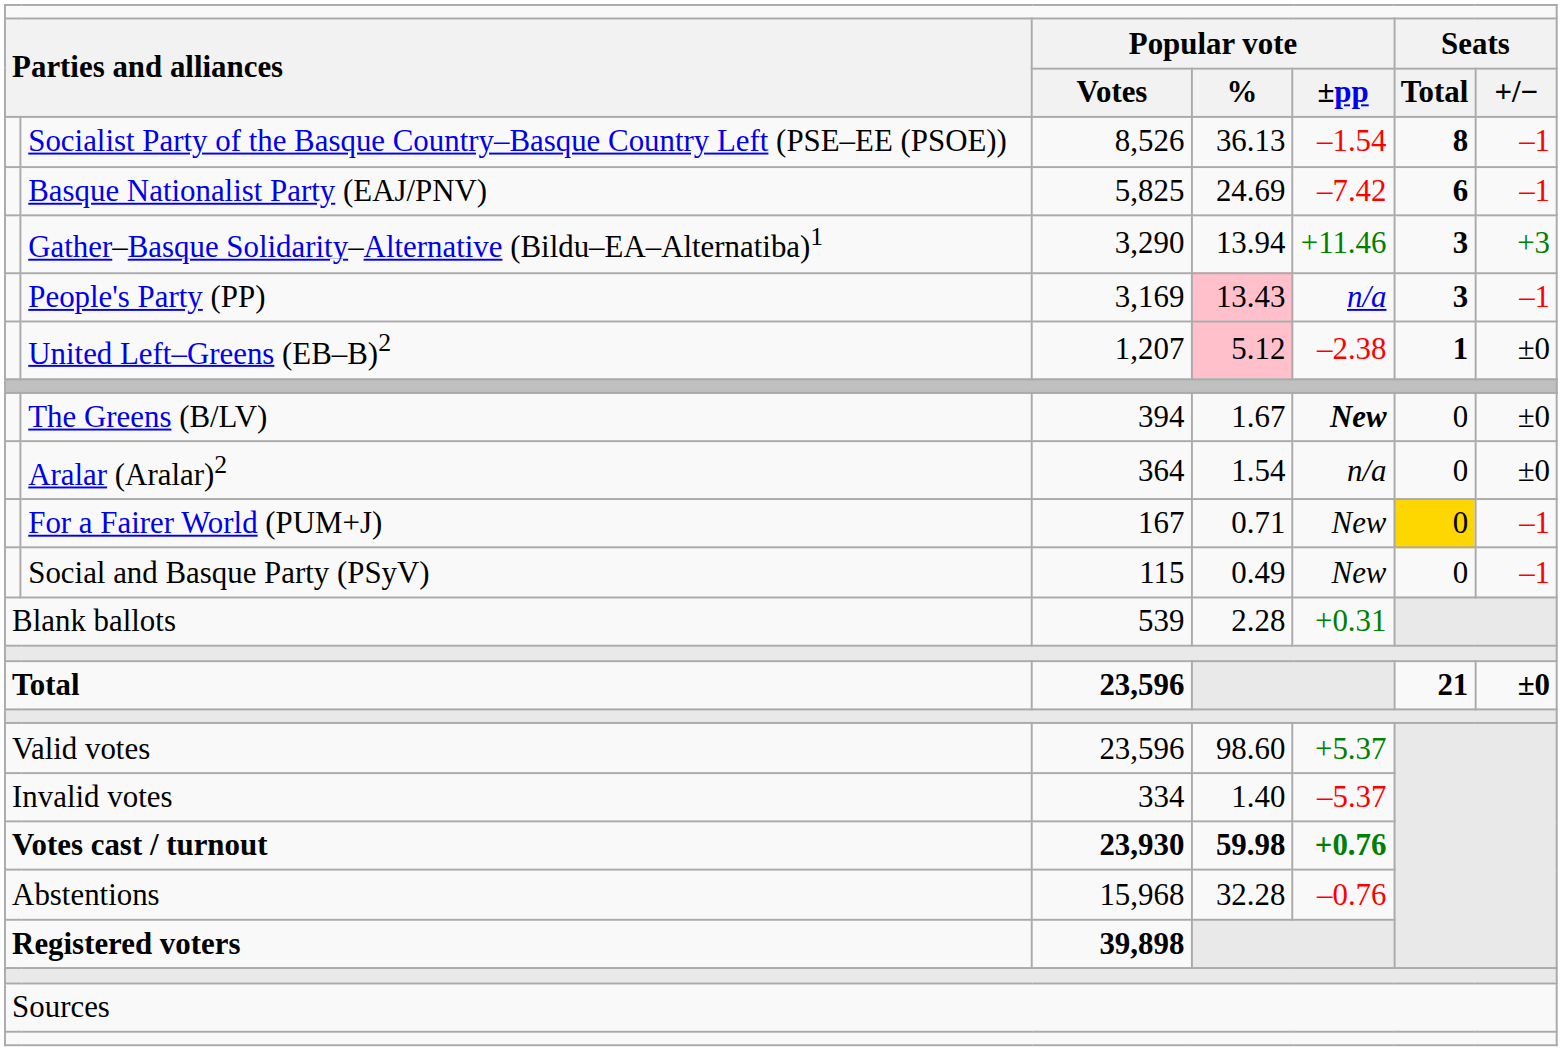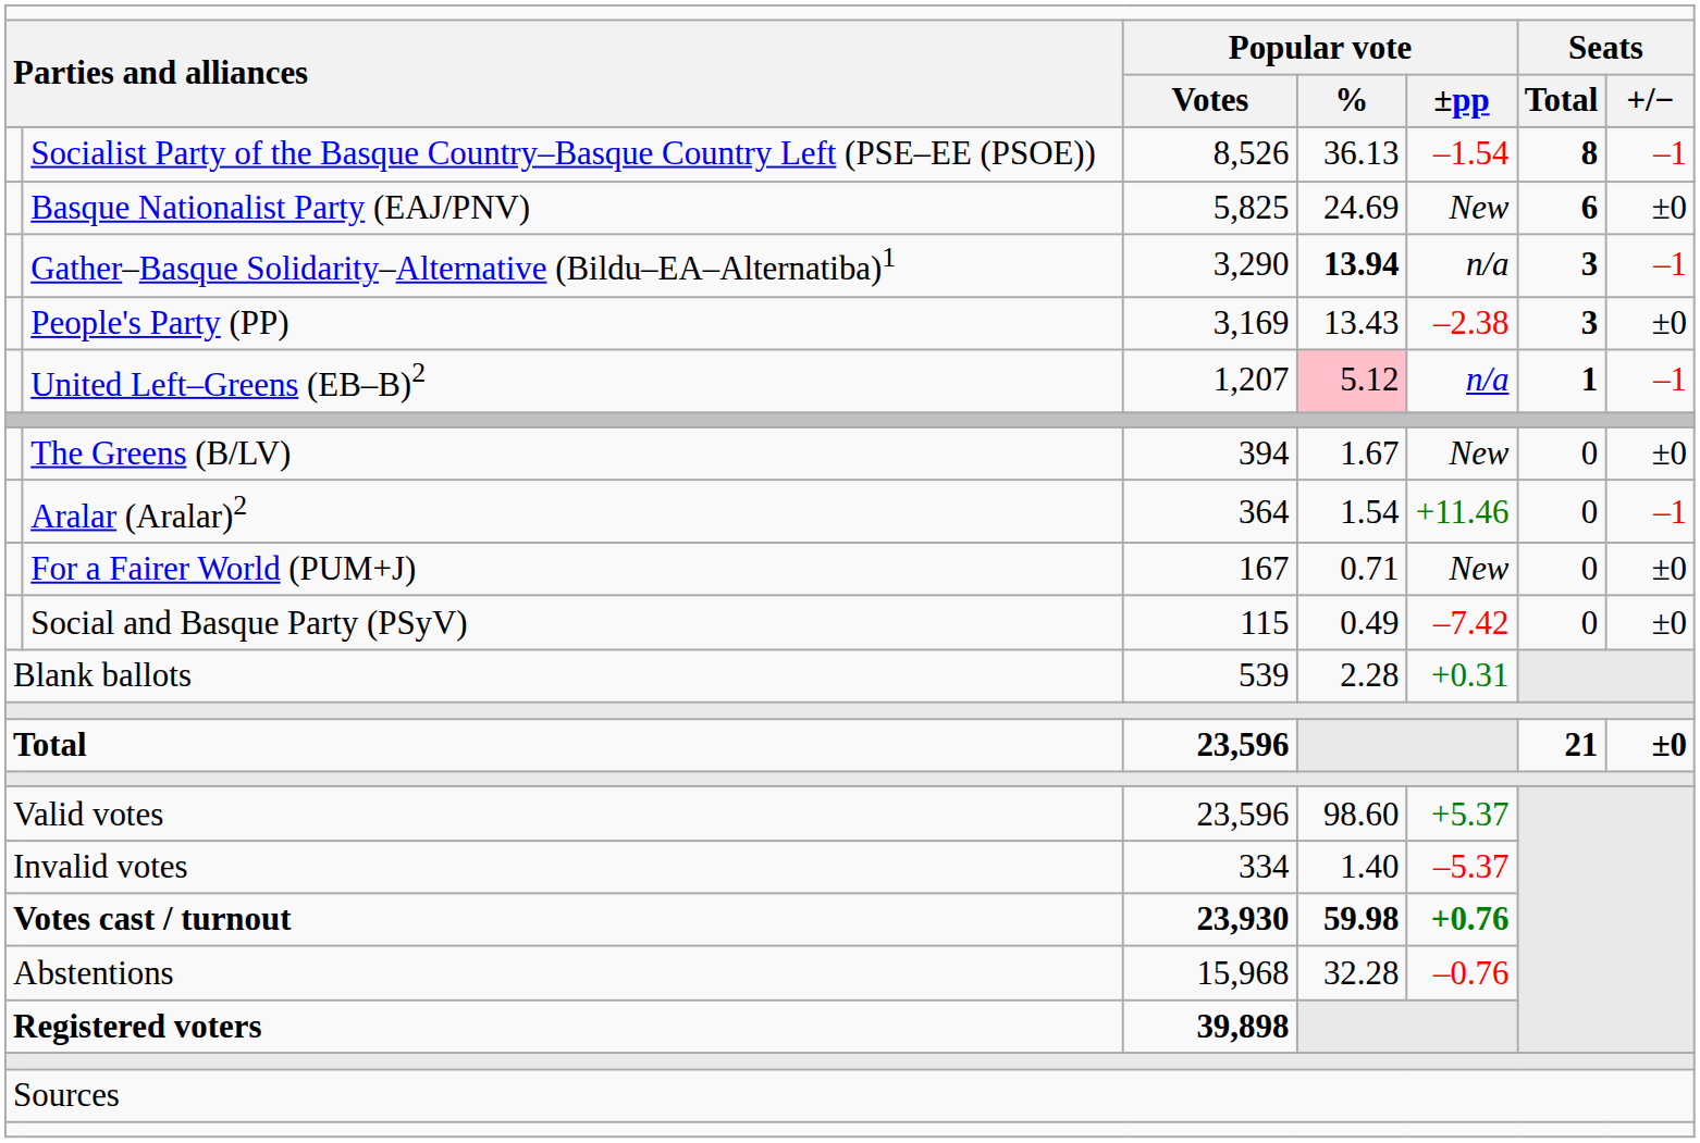 <table class="wikitable" style="text-align:right;">
 <tr>
 <td colspan="7"></td>
 </tr>
 <tr>
 <th style="text-align:left;" rowspan="2" colspan="2" width="525">Parties and alliances</th>
 <th colspan="3">Popular vote</th>
 <th colspan="2">Seats</th>
 </tr>
 <tr>
 <th width="75">Votes</th>
 <th width="45">%</th>
 <th width="45">±<a href='#'>pp</a></th>
 <th width="35">Total</th>
 <th width="35">+/−</th>
 </tr>
 <tr>
 <td width="1" style="color:inherit;background:"></td>
 <td align="left"><a href='#'>Socialist Party of the Basque Country–Basque Country Left</a> (PSE–EE (PSOE))</td>
 <td>8,526</td>
 <td>36.13</td>
 <td style="color:red;">–1.54</td>
 <td><strong>8</strong></td>
 <td style="color:red;">–1</td>
 </tr>
 <tr>
 <td style="color:inherit;background:"></td>
 <td align="left"><a href='#'>Basque Nationalist Party</a> (EAJ/PNV)</td>
 <td>5,825</td>
 <td>24.69</td>
-<td style="color:red;">–7.42</td>
+<td><em>New</em></td>
 <td><strong>6</strong></td>
-<td style="color:red;">–1</td>
+<td>±0</td>
 </tr>
 <tr>
 <td style="color:inherit;background:"></td>
 <td align="left"><a href='#'>Gather</a>–<a href='#'>Basque Solidarity</a>–<a href='#'>Alternative</a> (Bildu–EA–Alternatiba)<sup>1</sup></td>
 <td>3,290</td>
-<td>13.94</td>
-<td style="color:green;">+11.46</td>
+<td><strong>13.94</strong></td>
+<td><em>n/a</em></td>
 <td><strong>3</strong></td>
-<td style="color:green;">+3</td>
+<td style="color:red;">–1</td>
 </tr>
 <tr>
 <td style="color:inherit;background:"></td>
 <td align="left"><a href='#'>People's Party</a> (PP)</td>
 <td>3,169</td>
-<td style="background: pink;">13.43</td>
-<td><em><a href='#'>n/a</a></em></td>
+<td>13.43</td>
+<td style="color:red;">–2.38</td>
 <td><strong>3</strong></td>
-<td style="color:red;">–1</td>
+<td>±0</td>
 </tr>
 <tr>
 <td style="color:inherit;background:"></td>
 <td align="left"><a href='#'>United Left–Greens</a> (EB–B)<sup>2</sup></td>
 <td>1,207</td>
 <td style="background: pink;">5.12</td>
-<td style="color:red;">–2.38</td>
+<td><em><a href='#'>n/a</a></em></td>
 <td><strong>1</strong></td>
-<td>±0</td>
+<td style="color:red;">–1</td>
 </tr>
 <tr>
 <td colspan="7" bgcolor="#C0C0C0"></td>
 </tr>
 <tr>
 <td style="color:inherit;background:"></td>
 <td align="left"><a href='#'>The Greens</a> (B/LV)</td>
 <td>394</td>
 <td>1.67</td>
-<td><strong><em>New</em></strong></td>
+<td><em>New</em></td>
 <td>0</td>
 <td>±0</td>
 </tr>
 <tr>
 <td style="color:inherit;background:"></td>
 <td align="left"><a href='#'>Aralar</a> (Aralar)<sup>2</sup></td>
 <td>364</td>
 <td>1.54</td>
-<td><em>n/a</em></td>
+<td style="color:green;">+11.46</td>
 <td>0</td>
-<td>±0</td>
+<td style="color:red;">–1</td>
 </tr>
 <tr>
 <td style="color:inherit;background:"></td>
 <td align="left"><a href='#'>For a Fairer World</a> (PUM+J)</td>
 <td>167</td>
 <td>0.71</td>
 <td><em>New</em></td>
-<td style="background: gold;">0</td>
-<td style="color:red;">–1</td>
+<td>0</td>
+<td>±0</td>
 </tr>
 <tr>
 <td style="color:inherit;background:"></td>
 <td align="left">Social and Basque Party (PSyV)</td>
 <td>115</td>
 <td>0.49</td>
-<td><em>New</em></td>
+<td style="color:red;">–7.42</td>
 <td>0</td>
-<td style="color:red;">–1</td>
+<td>±0</td>
 </tr>
 <tr>
 <td align="left" colspan="2">Blank ballots</td>
 <td>539</td>
 <td>2.28</td>
 <td style="color:green;">+0.31</td>
 <td bgcolor="#E9E9E9" colspan="2"></td>
 </tr>
 <tr>
 <td colspan="7" bgcolor="#E9E9E9"></td>
 </tr>
 <tr style="font-weight:bold;">
 <td align="left" colspan="2">Total</td>
 <td>23,596</td>
 <td bgcolor="#E9E9E9" colspan="2"></td>
 <td>21</td>
 <td>±0</td>
 </tr>
 <tr>
 <td colspan="7" bgcolor="#E9E9E9"></td>
 </tr>
 <tr>
 <td align="left" colspan="2">Valid votes</td>
 <td>23,596</td>
 <td>98.60</td>
 <td style="color:green;">+5.37</td>
 <td bgcolor="#E9E9E9" colspan="2" rowspan="5"></td>
 </tr>
 <tr>
 <td align="left" colspan="2">Invalid votes</td>
 <td>334</td>
 <td>1.40</td>
 <td style="color:red;">–5.37</td>
 </tr>
 <tr style="font-weight:bold;">
 <td align="left" colspan="2">Votes cast / turnout</td>
 <td>23,930</td>
 <td>59.98</td>
 <td style="color:green;">+0.76</td>
 </tr>
 <tr>
 <td align="left" colspan="2">Abstentions</td>
 <td>15,968</td>
 <td>32.28</td>
 <td style="color:red;">–0.76</td>
 </tr>
 <tr style="font-weight:bold;">
 <td align="left" colspan="2">Registered voters</td>
 <td>39,898</td>
 <td bgcolor="#E9E9E9" colspan="2"></td>
 </tr>
 <tr>
 <td colspan="7" bgcolor="#E9E9E9"></td>
 </tr>
 <tr>
 <td align="left" colspan="7">Sources</td>
 </tr>
 <tr>
 <td colspan="7" style="text-align:left; max-width:790px;"></td>
 </tr>
 </table>
